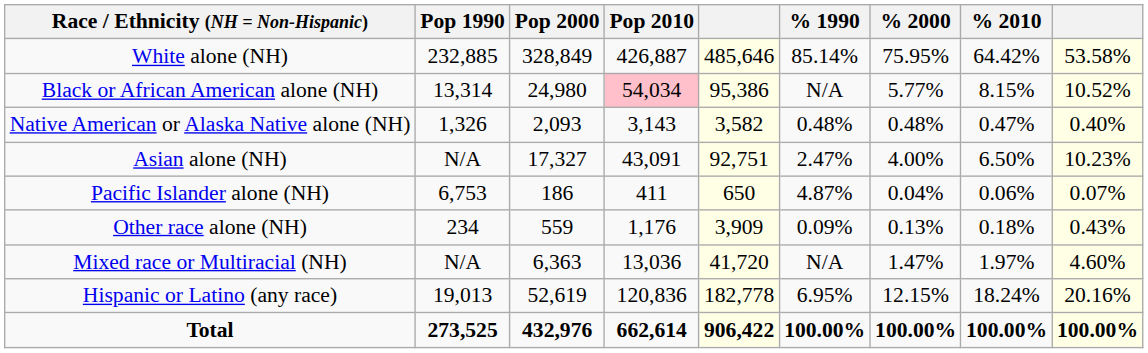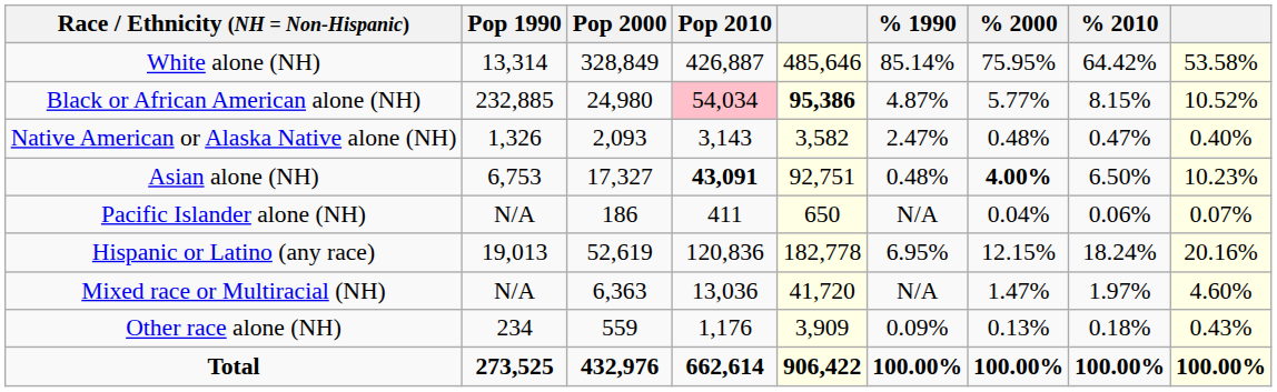 <table class="wikitable" style="text-align:center;">
 <tr>
 <th>Race / Ethnicity <small>(<em>NH = Non-Hispanic</em>)</small></th>
 <th>Pop 1990</th>
 <th>Pop 2000</th>
 <th>Pop 2010</th>
 <th></th>
 <th>% 1990</th>
 <th>% 2000</th>
 <th>% 2010</th>
 <th></th>
 </tr>
 <tr>
 <td><a href='#'>White</a> alone (NH)</td>
-<td>232,885</td>
+<td>13,314</td>
 <td>328,849</td>
 <td>426,887</td>
 <td style='background: #ffffe6;'>485,646</td>
 <td>85.14%</td>
 <td>75.95%</td>
 <td>64.42%</td>
 <td style='background: #ffffe6;'>53.58%</td>
 </tr>
 <tr>
 <td><a href='#'>Black or African American</a> alone (NH)</td>
-<td>13,314</td>
+<td>232,885</td>
 <td>24,980</td>
 <td style="background: pink;">54,034</td>
-<td style='background: #ffffe6;'>95,386</td>
-<td>N/A</td>
+<td style='background: #ffffe6;'><strong>95,386</strong></td>
+<td>4.87%</td>
 <td>5.77%</td>
 <td>8.15%</td>
 <td style='background: #ffffe6;'>10.52%</td>
 </tr>
 <tr>
 <td><a href='#'>Native American</a> or <a href='#'>Alaska Native</a> alone (NH)</td>
 <td>1,326</td>
 <td>2,093</td>
 <td>3,143</td>
 <td style='background: #ffffe6;'>3,582</td>
-<td>0.48%</td>
+<td>2.47%</td>
 <td>0.48%</td>
 <td>0.47%</td>
 <td style='background: #ffffe6;'>0.40%</td>
 </tr>
 <tr>
 <td><a href='#'>Asian</a> alone (NH)</td>
-<td>N/A</td>
+<td>6,753</td>
 <td>17,327</td>
-<td>43,091</td>
+<td><strong>43,091</strong></td>
 <td style='background: #ffffe6;'>92,751</td>
-<td>2.47%</td>
-<td>4.00%</td>
+<td>0.48%</td>
+<td><strong>4.00%</strong></td>
 <td>6.50%</td>
 <td style='background: #ffffe6;'>10.23%</td>
 </tr>
 <tr>
 <td><a href='#'>Pacific Islander</a> alone (NH)</td>
-<td>6,753</td>
+<td>N/A</td>
 <td>186</td>
 <td>411</td>
 <td style='background: #ffffe6;'>650</td>
-<td>4.87%</td>
+<td>N/A</td>
 <td>0.04%</td>
 <td>0.06%</td>
 <td style='background: #ffffe6;'>0.07%</td>
+</tr>
+<tr>
+<td><a href='#'>Hispanic or Latino</a> (any race)</td>
+<td>19,013</td>
+<td>52,619</td>
+<td>120,836</td>
+<td style='background: #ffffe6;'>182,778</td>
+<td>6.95%</td>
+<td>12.15%</td>
+<td>18.24%</td>
+<td style='background: #ffffe6;'>20.16%</td>
+</tr>
+<tr>
+<td><a href='#'>Mixed race or Multiracial</a> (NH)</td>
+<td>N/A</td>
+<td>6,363</td>
+<td>13,036</td>
+<td style='background: #ffffe6;'>41,720</td>
+<td>N/A</td>
+<td>1.47%</td>
+<td>1.97%</td>
+<td style='background: #ffffe6;'>4.60%</td>
 </tr>
 <tr>
 <td><a href='#'>Other race</a> alone (NH)</td>
 <td>234</td>
 <td>559</td>
 <td>1,176</td>
 <td style='background: #ffffe6;'>3,909</td>
 <td>0.09%</td>
 <td>0.13%</td>
 <td>0.18%</td>
 <td style='background: #ffffe6;'>0.43%</td>
 </tr>
 <tr>
-<td><a href='#'>Mixed race or Multiracial</a> (NH)</td>
-<td>N/A</td>
-<td>6,363</td>
-<td>13,036</td>
-<td style='background: #ffffe6;'>41,720</td>
-<td>N/A</td>
-<td>1.47%</td>
-<td>1.97%</td>
-<td style='background: #ffffe6;'>4.60%</td>
-</tr>
-<tr>
-<td><a href='#'>Hispanic or Latino</a> (any race)</td>
-<td>19,013</td>
-<td>52,619</td>
-<td>120,836</td>
-<td style='background: #ffffe6;'>182,778</td>
-<td>6.95%</td>
-<td>12.15%</td>
-<td>18.24%</td>
-<td style='background: #ffffe6;'>20.16%</td>
-</tr>
-<tr>
 <td><strong>Total</strong></td>
 <td><strong>273,525</strong></td>
 <td><strong>432,976</strong></td>
 <td><strong>662,614</strong></td>
 <td style='background: #ffffe6;'><strong>906,422</strong></td>
 <td><strong>100.00%</strong></td>
 <td><strong>100.00%</strong></td>
 <td><strong>100.00%</strong></td>
 <td style='background: #ffffe6;'><strong>100.00%</strong></td>
 </tr>
 </table>
